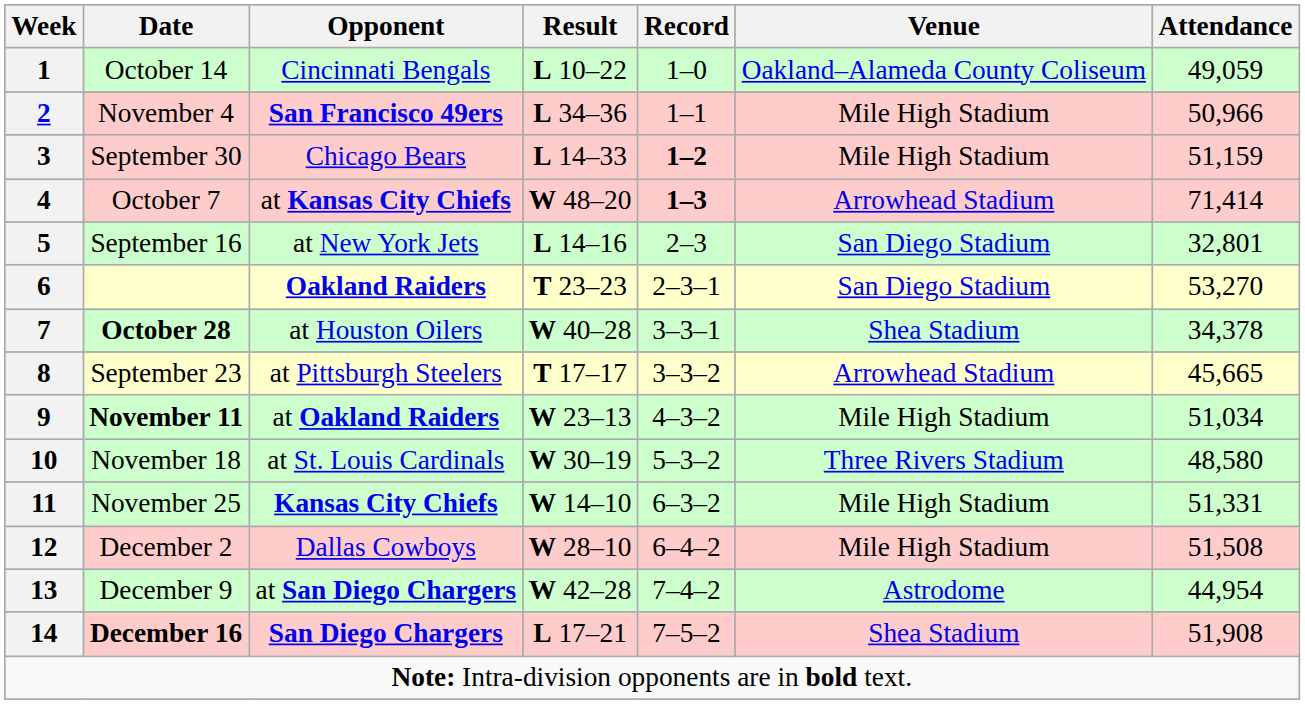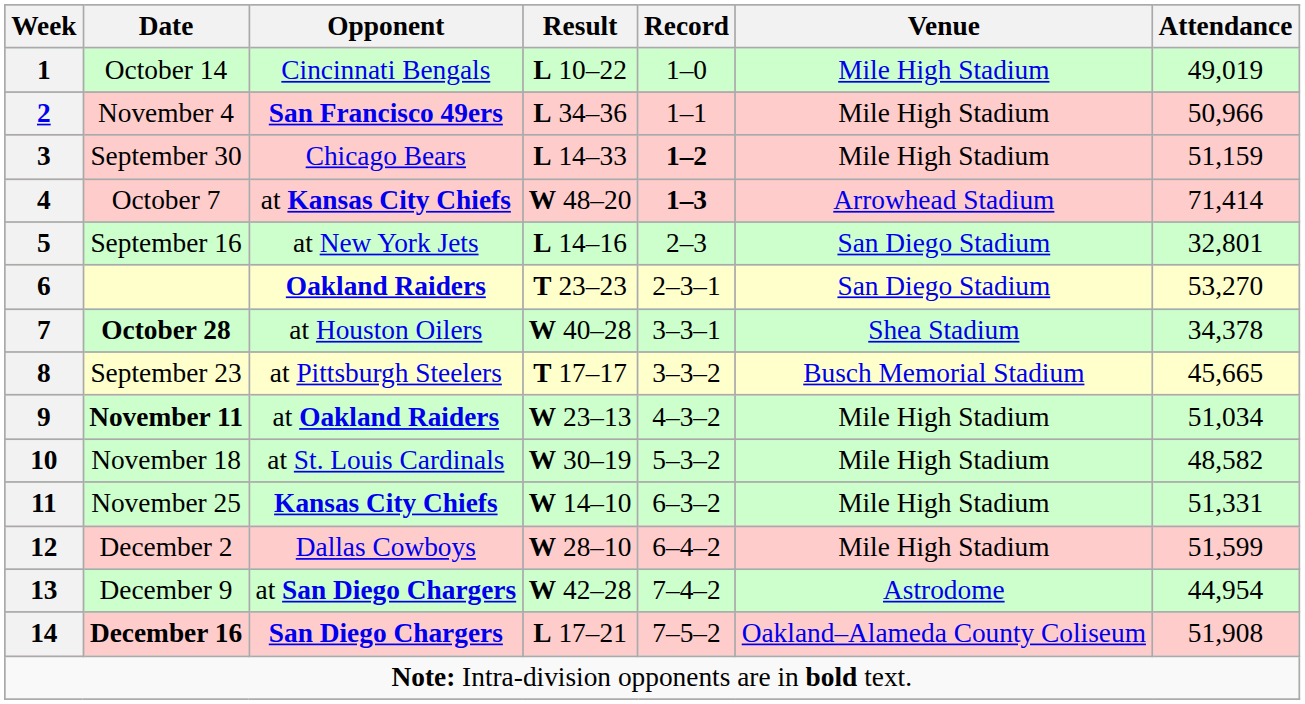 <table class="wikitable" style="text-align:center">
 <tr>
 <th>Week</th>
 <th>Date</th>
 <th>Opponent</th>
 <th>Result</th>
 <th>Record</th>
 <th>Venue</th>
 <th>Attendance</th>
 </tr>
 <tr style="background:#cfc">
 <th>1</th>
 <td>October 14</td>
 <td><a href='#'>Cincinnati Bengals</a></td>
 <td><strong>L</strong> 10–22</td>
 <td>1–0</td>
-<td><a href='#'>Oakland–Alameda County Coliseum</a></td>
-<td>49,059</td>
+<td><a href='#'>Mile High Stadium</a></td>
+<td>49,019</td>
 </tr>
 <tr style="background:#fcc">
 <th><a href='#'>2</a></th>
 <td>November 4</td>
 <td><strong><a href='#'>San Francisco 49ers</a></strong></td>
 <td><strong>L</strong> 34–36</td>
 <td>1–1</td>
 <td>Mile High Stadium</td>
 <td>50,966</td>
 </tr>
 <tr style="background:#fcc">
 <th>3</th>
 <td>September 30</td>
 <td><a href='#'>Chicago Bears</a></td>
 <td><strong>L</strong> 14–33</td>
 <td><strong>1–2</strong></td>
 <td>Mile High Stadium</td>
 <td>51,159</td>
 </tr>
 <tr style="background:#fcc">
 <th>4</th>
 <td>October 7</td>
 <td>at <strong><a href='#'>Kansas City Chiefs</a></strong></td>
 <td><strong>W</strong> 48–20</td>
 <td><strong>1–3</strong></td>
 <td><a href='#'>Arrowhead Stadium</a></td>
 <td>71,414</td>
 </tr>
 <tr style="background:#cfc">
 <th>5</th>
 <td>September 16</td>
 <td>at <a href='#'>New York Jets</a></td>
 <td><strong>L</strong> 14–16</td>
 <td>2–3</td>
 <td><a href='#'>San Diego Stadium</a></td>
 <td>32,801</td>
 </tr>
 <tr style="background:#ffc">
 <th>6</th>
 <td></td>
 <td><strong><a href='#'>Oakland Raiders</a></strong></td>
 <td><strong>T</strong> 23–23</td>
 <td>2–3–1</td>
 <td><a href='#'>San Diego Stadium</a></td>
 <td>53,270</td>
 </tr>
 <tr style="background:#cfc">
 <th>7</th>
 <td><strong>October 28</strong></td>
 <td>at <a href='#'>Houston Oilers</a></td>
 <td><strong>W</strong> 40–28</td>
 <td>3–3–1</td>
 <td><a href='#'>Shea Stadium</a></td>
 <td>34,378</td>
 </tr>
 <tr style="background:#ffc">
 <th>8</th>
 <td>September 23</td>
 <td>at <a href='#'>Pittsburgh Steelers</a></td>
 <td><strong>T</strong> 17–17</td>
 <td>3–3–2</td>
-<td><a href='#'>Arrowhead Stadium</a></td>
+<td><a href='#'>Busch Memorial Stadium</a></td>
 <td>45,665</td>
 </tr>
 <tr style="background:#cfc">
 <th>9</th>
 <td><strong>November 11</strong></td>
 <td>at <strong><a href='#'>Oakland Raiders</a></strong></td>
 <td><strong>W</strong> 23–13</td>
 <td>4–3–2</td>
 <td>Mile High Stadium</td>
 <td>51,034</td>
 </tr>
 <tr style="background:#cfc">
 <th>10</th>
 <td>November 18</td>
 <td>at <a href='#'>St. Louis Cardinals</a></td>
 <td><strong>W</strong> 30–19</td>
 <td>5–3–2</td>
-<td><a href='#'>Three Rivers Stadium</a></td>
-<td>48,580</td>
+<td>Mile High Stadium</td>
+<td>48,582</td>
 </tr>
 <tr style="background:#cfc">
 <th>11</th>
 <td>November 25</td>
 <td><strong><a href='#'>Kansas City Chiefs</a></strong></td>
 <td><strong>W</strong> 14–10</td>
 <td>6–3–2</td>
 <td>Mile High Stadium</td>
 <td>51,331</td>
 </tr>
 <tr style="background:#fcc">
 <th>12</th>
 <td>December 2</td>
 <td><a href='#'>Dallas Cowboys</a></td>
 <td><strong>W</strong> 28–10</td>
 <td>6–4–2</td>
 <td>Mile High Stadium</td>
-<td>51,508</td>
+<td>51,599</td>
 </tr>
 <tr style="background:#cfc">
 <th>13</th>
 <td>December 9</td>
 <td>at <strong><a href='#'>San Diego Chargers</a></strong></td>
 <td><strong>W</strong> 42–28</td>
 <td>7–4–2</td>
 <td><a href='#'>Astrodome</a></td>
 <td>44,954</td>
 </tr>
 <tr style="background:#fcc">
 <th>14</th>
 <td><strong>December 16</strong></td>
 <td><strong><a href='#'>San Diego Chargers</a></strong></td>
 <td><strong>L</strong> 17–21</td>
 <td>7–5–2</td>
-<td><a href='#'>Shea Stadium</a></td>
+<td><a href='#'>Oakland–Alameda County Coliseum</a></td>
 <td>51,908</td>
 </tr>
 <tr>
 <td colspan="8"><strong>Note:</strong> Intra-division opponents are in <strong>bold</strong> text.</td>
 </tr>
 </table>
